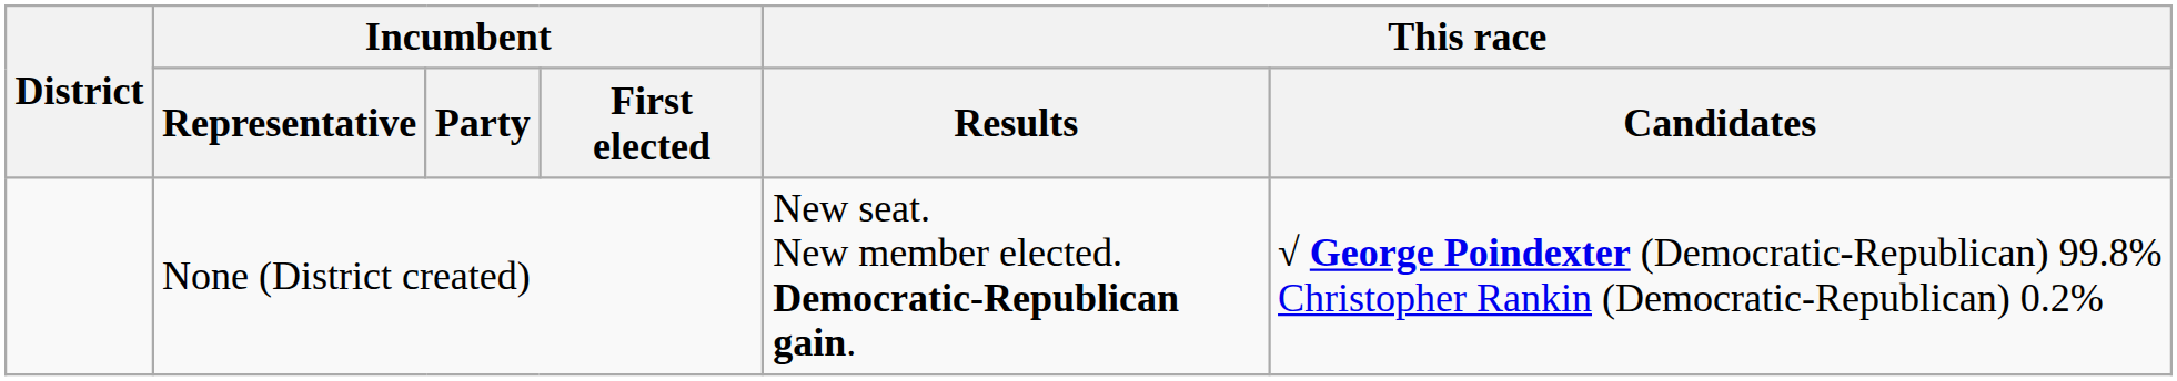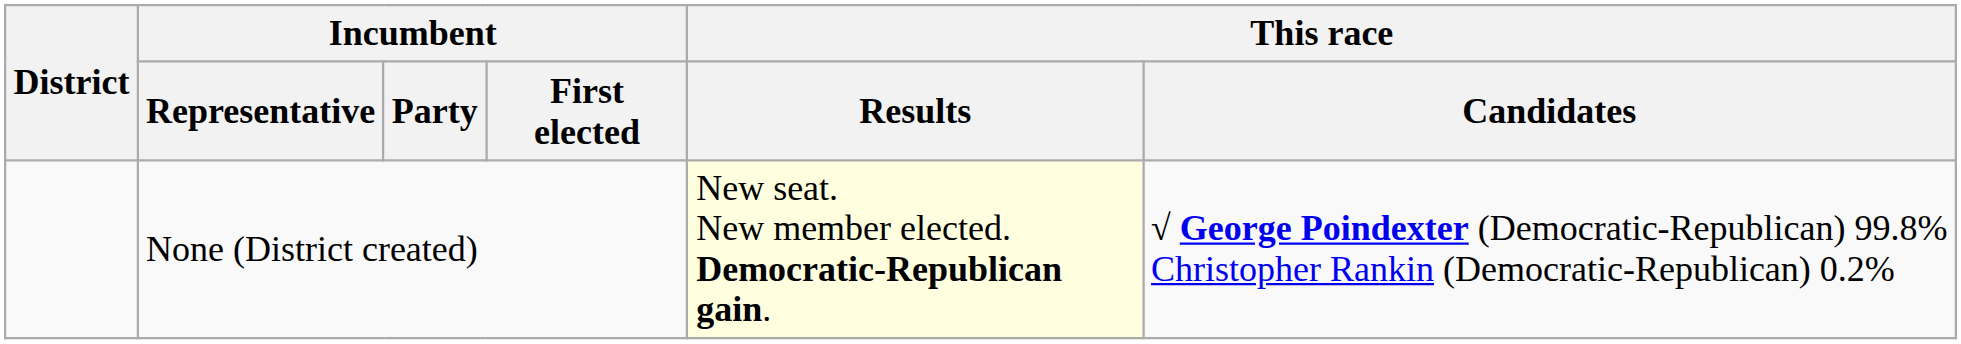 <table class=wikitable>
 <tr>
 <th rowspan=2>District</th>
 <th colspan=3>Incumbent</th>
 <th colspan=2>This race</th>
 </tr>
 <tr>
 <th>Representative</th>
 <th>Party</th>
 <th>First elected</th>
 <th>Results</th>
 <th>Candidates</th>
 </tr>
 <tr>
 <td></td>
 <td colspan=3>None (District created)</td>
-<td>New seat.<br>New member elected.<br><strong>Democratic-Republican gain</strong>.</td>
+<td style="background: lightyellow;">New seat.<br>New member elected.<br><strong>Democratic-Republican gain</strong>.</td>
 <td nowrap><strong>√ <a href='#'>George Poindexter</a></strong> (Democratic-Republican) 99.8%<br><a href='#'>Christopher Rankin</a> (Democratic-Republican) 0.2%</td>
 </tr>
 </table>
